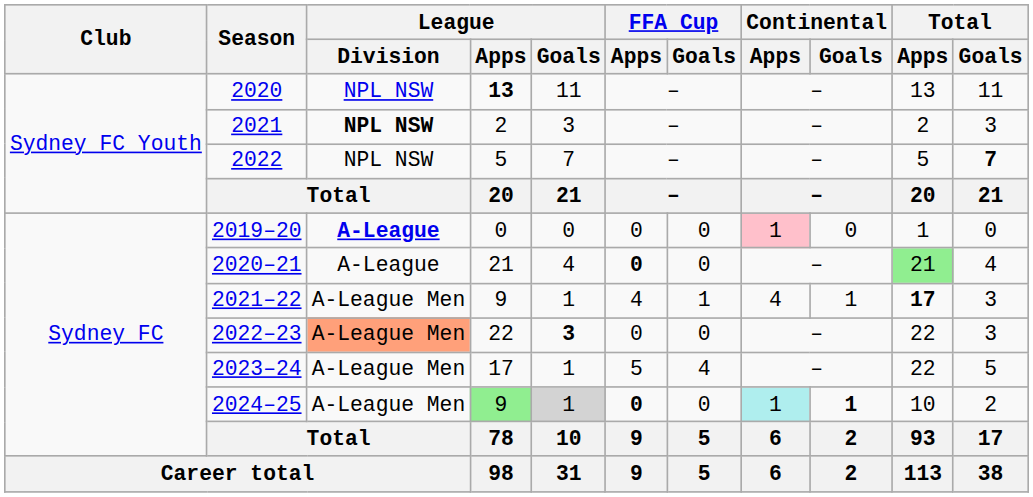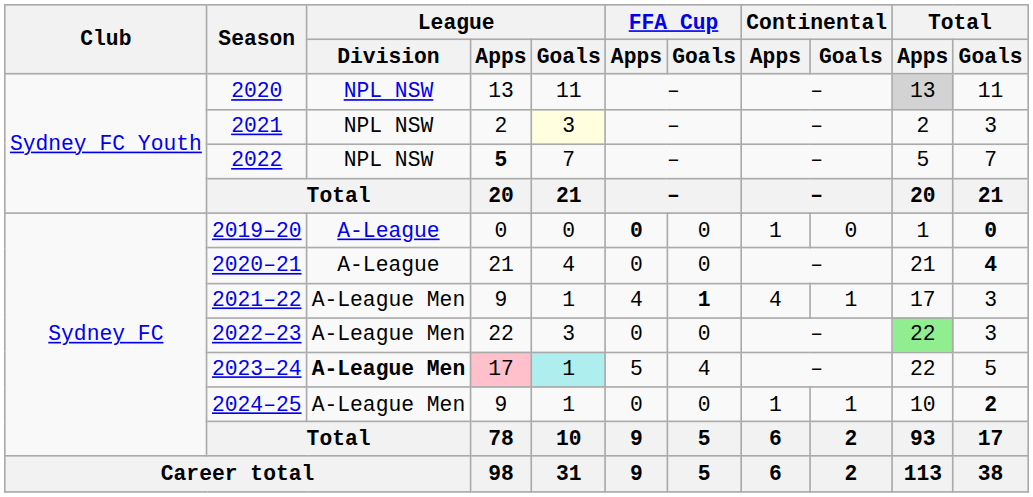 <table class="wikitable" style="text-align:center">
 <tr>
 <th rowspan="2">Club</th>
 <th rowspan="2">Season</th>
 <th colspan="3">League</th>
 <th colspan="2"><a href='#'>FFA Cup</a></th>
 <th colspan="2">Continental</th>
 <th colspan="2">Total</th>
 </tr>
 <tr>
 <th>Division</th>
 <th>Apps</th>
 <th>Goals</th>
 <th>Apps</th>
 <th>Goals</th>
 <th>Apps</th>
 <th>Goals</th>
 <th>Apps</th>
 <th>Goals</th>
 </tr>
 <tr>
 <td rowspan=4><a href='#'>Sydney FC Youth</a></td>
 <td><a href='#'>2020</a></td>
 <td><a href='#'>NPL NSW</a></td>
-<td><strong>13</strong></td>
+<td>13</td>
 <td>11</td>
 <td colspan="2">–</td>
 <td colspan="2">–</td>
-<td>13</td>
+<td style="background: lightgrey;">13</td>
 <td>11</td>
 </tr>
 <tr>
 <td><a href='#'>2021</a></td>
-<td><strong>NPL NSW</strong></td>
+<td>NPL NSW</td>
 <td>2</td>
-<td>3</td>
+<td style="background: lightyellow;">3</td>
 <td colspan="2">–</td>
 <td colspan="2">–</td>
 <td>2</td>
 <td>3</td>
 </tr>
 <tr>
 <td><a href='#'>2022</a></td>
 <td>NPL NSW</td>
-<td>5</td>
+<td><strong>5</strong></td>
 <td>7</td>
 <td colspan="2">–</td>
 <td colspan="2">–</td>
 <td>5</td>
-<td><strong>7</strong></td>
+<td>7</td>
 </tr>
 <tr>
 <th colspan=2>Total</th>
 <th>20</th>
 <th>21</th>
 <th colspan="2">–</th>
 <th colspan="2">–</th>
 <th>20</th>
 <th>21</th>
 </tr>
 <tr>
 <td rowspan="7"><a href='#'>Sydney FC</a></td>
 <td><a href='#'>2019–20</a></td>
-<td><strong><a href='#'>A-League</a></strong></td>
+<td><a href='#'>A-League</a></td>
 <td>0</td>
 <td>0</td>
-<td>0</td>
-<td>0</td>
-<td style="background: pink;">1</td>
+<td><strong>0</strong></td>
 <td>0</td>
 <td>1</td>
 <td>0</td>
+<td>1</td>
+<td><strong>0</strong></td>
 </tr>
 <tr>
 <td><a href='#'>2020–21</a></td>
 <td>A-League</td>
 <td>21</td>
 <td>4</td>
-<td><strong>0</strong></td>
+<td>0</td>
 <td>0</td>
 <td colspan="2">–</td>
-<td style="background: lightgreen;">21</td>
-<td>4</td>
+<td>21</td>
+<td><strong>4</strong></td>
 </tr>
 <tr>
 <td><a href='#'>2021–22</a></td>
 <td>A-League Men</td>
 <td>9</td>
 <td>1</td>
 <td>4</td>
-<td>1</td>
+<td><strong>1</strong></td>
 <td>4</td>
 <td>1</td>
-<td><strong>17</strong></td>
+<td>17</td>
 <td>3</td>
 </tr>
 <tr>
 <td><a href='#'>2022–23</a></td>
-<td style="background: lightsalmon;">A-League Men</td>
+<td>A-League Men</td>
 <td>22</td>
-<td><strong>3</strong></td>
+<td>3</td>
 <td>0</td>
 <td>0</td>
 <td colspan="2">–</td>
-<td>22</td>
+<td style="background: lightgreen;">22</td>
 <td>3</td>
 </tr>
 <tr>
 <td><a href='#'>2023–24</a></td>
-<td>A-League Men</td>
-<td>17</td>
-<td>1</td>
+<td><strong>A-League Men</strong></td>
+<td style="background: pink;">17</td>
+<td style="background: paleturquoise;">1</td>
 <td>5</td>
 <td>4</td>
 <td colspan="2">–</td>
 <td>22</td>
 <td>5</td>
 </tr>
 <tr>
 <td><a href='#'>2024–25</a></td>
 <td>A-League Men</td>
-<td style="background: lightgreen;">9</td>
-<td style="background: lightgrey;">1</td>
-<td><strong>0</strong></td>
+<td>9</td>
+<td>1</td>
 <td>0</td>
-<td style="background: paleturquoise;">1</td>
-<td><strong>1</strong></td>
+<td>0</td>
+<td>1</td>
+<td>1</td>
 <td>10</td>
-<td>2</td>
+<td><strong>2</strong></td>
 </tr>
 <tr>
 <th colspan="2">Total</th>
 <th>78</th>
 <th>10</th>
 <th>9</th>
 <th>5</th>
 <th>6</th>
 <th>2</th>
 <th>93</th>
 <th>17</th>
 </tr>
 <tr>
 <th colspan="3">Career total</th>
 <th>98</th>
 <th>31</th>
 <th>9</th>
 <th>5</th>
 <th>6</th>
 <th>2</th>
 <th>113</th>
 <th>38</th>
 </tr>
 </table>
